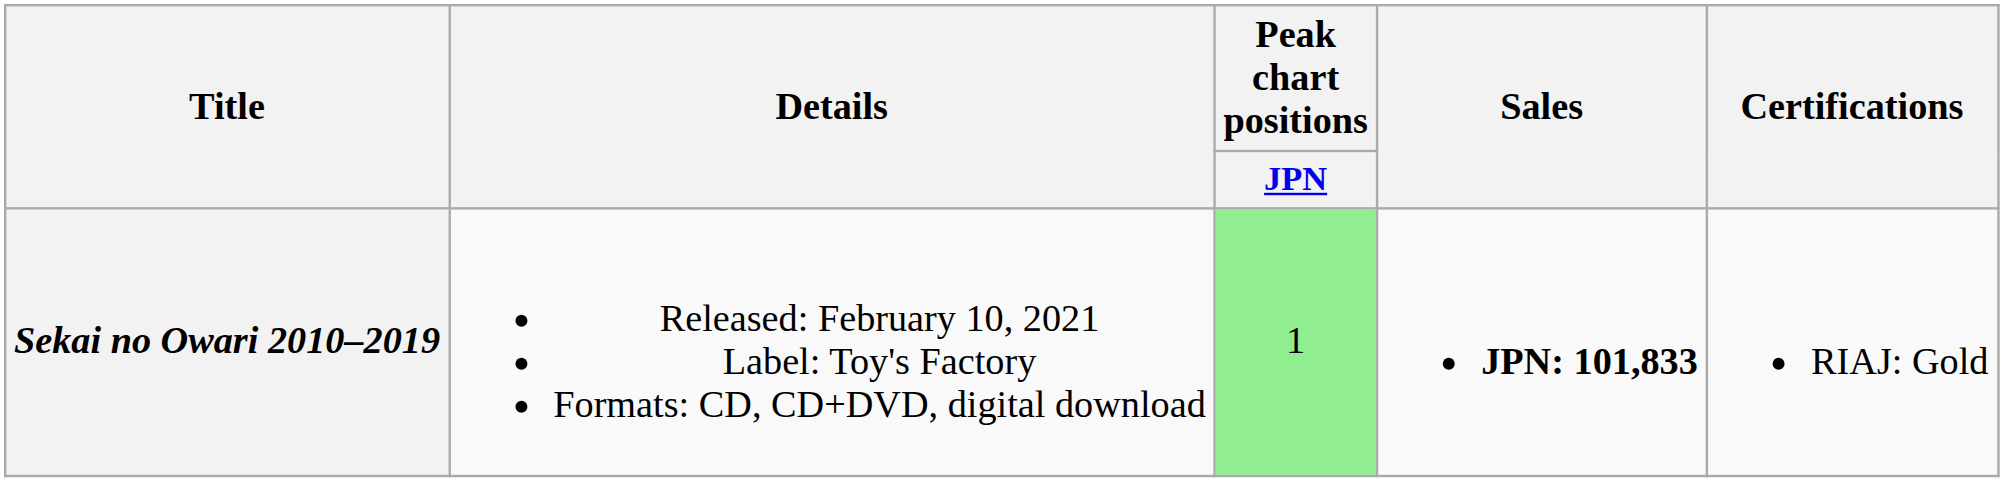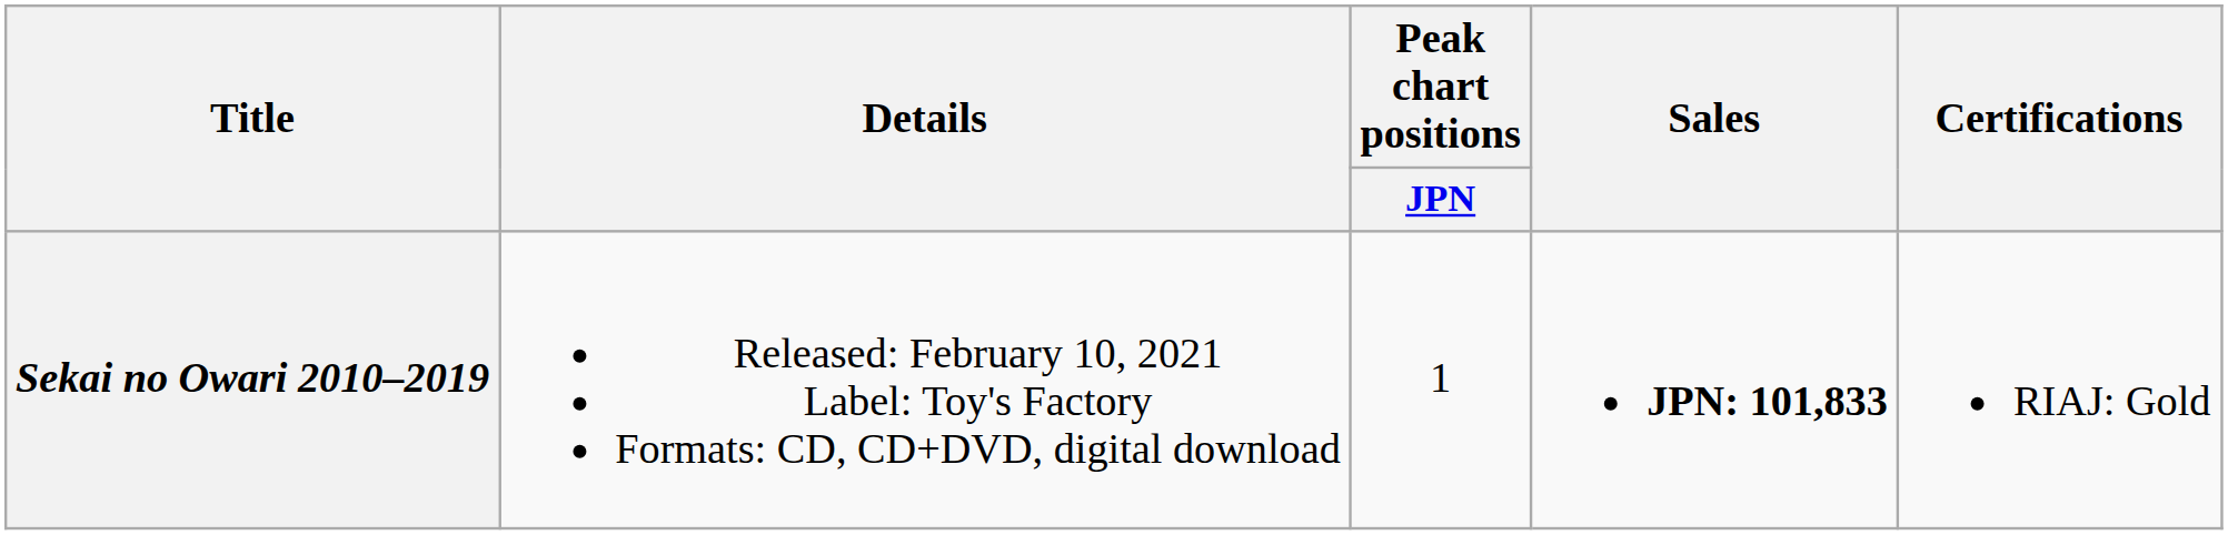 <table class="wikitable plainrowheaders" style="text-align:center;">
 <tr>
 <th scope=col rowspan="2">Title</th>
 <th scope=col rowspan="2">Details</th>
 <th scope=col colspan="1">Peak<br>chart<br>positions</th>
 <th scope=col rowspan="2">Sales</th>
 <th scope=col rowspan="2">Certifications</th>
 </tr>
 <tr>
 <th style="width:3em;font-size:90%;"><a href='#'>JPN</a><br></th>
 </tr>
 <tr>
 <th scope="row"><em>Sekai no Owari 2010–2019</em></th>
 <td><br><ul><li>Released: February 10, 2021 </li><li>Label: Toy's Factory</li><li>Formats: CD, CD+DVD, digital download</li></ul></td>
-<td style="background: lightgreen;">1</td>
+<td>1</td>
 <td><strong><br><ul><li>JPN: 101,833</li></ul></strong></td>
 <td><br><ul><li>RIAJ: Gold</li></ul></td>
 </tr>
 </table>
